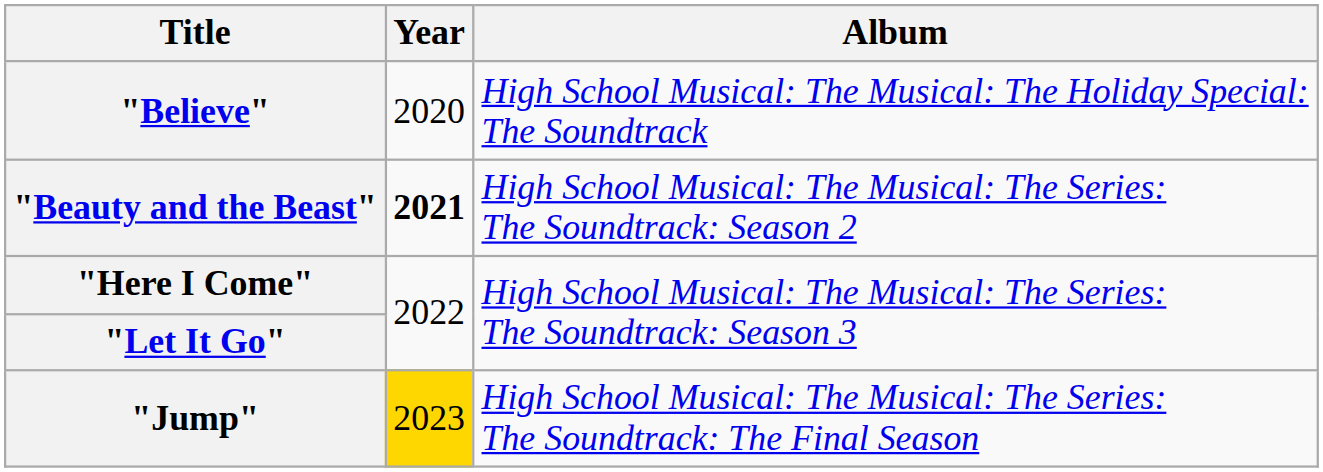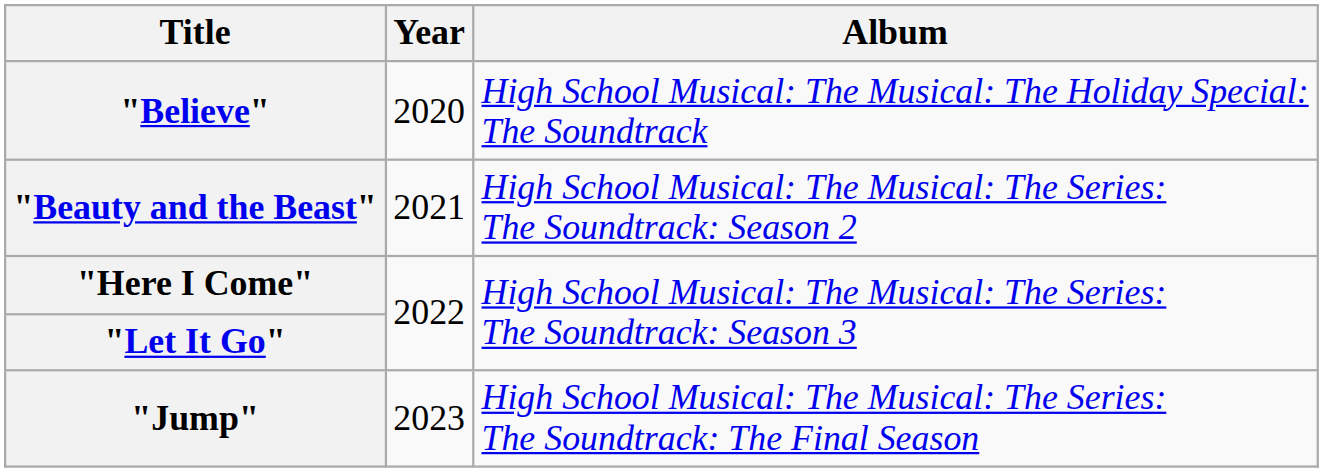 <table class="wikitable plainrowheaders">
 <tr>
 <th>Title</th>
 <th>Year</th>
 <th>Album</th>
 </tr>
 <tr>
 <th scope="row">"<a href='#'>Believe</a>"</th>
 <td>2020</td>
 <td><em><a href='#'>High School Musical: The Musical: The Holiday Special:<br>The Soundtrack</a></em></td>
 </tr>
 <tr>
 <th scope="row">"<a href='#'>Beauty and the Beast</a>"</th>
-<td><strong>2021</strong></td>
+<td>2021</td>
 <td><em><a href='#'>High School Musical: The Musical: The Series:<br>The Soundtrack: Season 2</a></em></td>
 </tr>
 <tr>
 <th scope="row">"Here I Come"</th>
 <td rowspan="2">2022</td>
 <td rowspan="2"><em><a href='#'>High School Musical: The Musical: The Series:<br>The Soundtrack: Season 3</a></em></td>
 </tr>
 <tr>
 <th scope="row">"<a href='#'>Let It Go</a>"</th>
 </tr>
 <tr>
 <th scope="row">"Jump"</th>
-<td style="background: gold;">2023</td>
+<td>2023</td>
 <td><em><a href='#'>High School Musical: The Musical: The Series:<br>The Soundtrack: The Final Season</a></em></td>
 </tr>
 </table>
